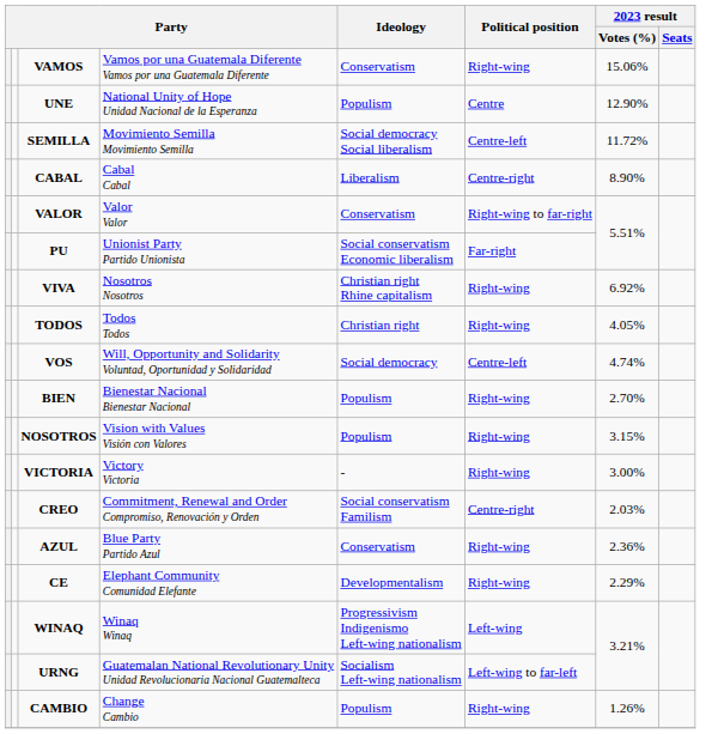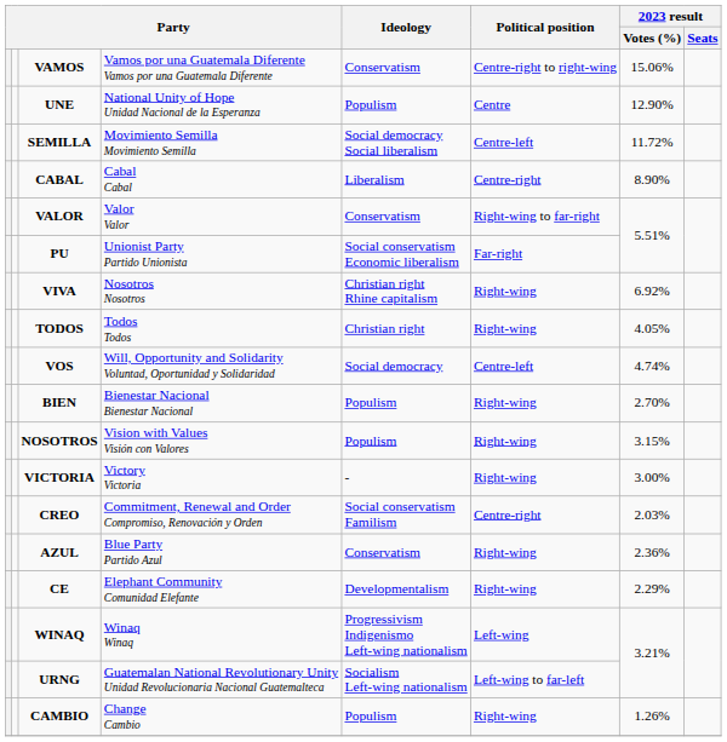 <table class="wikitable">
 <tr>
 <th rowspan=2 colspan=4>Party</th>
 <th rowspan=2>Ideology</th>
 <th rowspan=2>Political position</th>
 <th colspan=2><a href='#'>2023</a> result</th>
 </tr>
 <tr>
 <th>Votes (%)</th>
 <th><a href='#'>Seats</a></th>
 </tr>
 <tr>
 <th style="background:"></th>
 <td align=center></td>
 <td align=center><strong>VAMOS</strong></td>
 <td><a href='#'>Vamos por una Guatemala Diferente</a><br><small><em>Vamos por una Guatemala Diferente</em></small></td>
 <td><a href='#'>Conservatism</a></td>
-<td><a href='#'>Right-wing</a></td>
+<td><a href='#'>Centre-right</a> to <a href='#'>right-wing</a></td>
 <td align=center>15.06%</td>
 <td></td>
 </tr>
 <tr>
 <th style="background:"></th>
 <td align=center></td>
 <td align=center><strong>UNE</strong></td>
 <td><a href='#'>National Unity of Hope</a><br><small><em>Unidad Nacional de la Esperanza</em></small></td>
 <td><a href='#'>Populism</a></td>
 <td><a href='#'>Centre</a></td>
 <td align=center>12.90%</td>
 <td></td>
 </tr>
 <tr>
 <th style="background:"></th>
 <td align=center></td>
 <td align=center><strong>SEMILLA</strong></td>
 <td><a href='#'>Movimiento Semilla</a><br><small><em>Movimiento Semilla</em></small></td>
 <td><a href='#'>Social democracy</a><br><a href='#'>Social liberalism</a></td>
 <td><a href='#'>Centre-left</a></td>
 <td align=center>11.72%</td>
 <td></td>
 </tr>
 <tr>
 <th style="background:"></th>
 <td align=center></td>
 <td align=center><strong>CABAL</strong></td>
 <td><a href='#'>Cabal</a><br><small><em>Cabal</em></small></td>
 <td><a href='#'>Liberalism</a></td>
 <td><a href='#'>Centre-right</a></td>
 <td align=center>8.90%</td>
 <td></td>
 </tr>
 <tr>
 <th style="background:"></th>
 <td align=center></td>
 <td align=center><strong>VALOR</strong></td>
 <td><a href='#'>Valor</a><br><small><em>Valor</em></small></td>
 <td><a href='#'>Conservatism</a></td>
 <td><a href='#'>Right-wing</a> to <a href='#'>far-right</a></td>
 <td rowspan=2 align=center>5.51%</td>
 <td rowspan=2></td>
 </tr>
 <tr>
 <th style="background:"></th>
 <td></td>
 <td align=center><strong>PU</strong></td>
 <td><a href='#'>Unionist Party</a><br><small><em>Partido Unionista</em></small></td>
 <td><a href='#'>Social conservatism</a><br><a href='#'>Economic liberalism</a></td>
 <td><a href='#'>Far-right</a></td>
 </tr>
 <tr>
 <th style="background:"></th>
 <td align=center></td>
 <td align=center><strong>VIVA</strong></td>
 <td><a href='#'>Nosotros</a><br><small><em>Nosotros</em></small></td>
 <td><a href='#'>Christian right</a><br><a href='#'>Rhine capitalism</a></td>
 <td><a href='#'>Right-wing</a></td>
 <td align=center>6.92%</td>
 <td></td>
 </tr>
 <tr>
 <th style="background:"></th>
 <td align=center></td>
 <td align=center><strong>TODOS</strong></td>
 <td><a href='#'>Todos</a><br><small><em>Todos</em></small></td>
 <td><a href='#'>Christian right</a></td>
 <td><a href='#'>Right-wing</a></td>
 <td align=center>4.05%</td>
 <td></td>
 </tr>
 <tr>
 <th style="background:"></th>
 <td align=center></td>
 <td align=center><strong>VOS</strong></td>
 <td><a href='#'>Will, Opportunity and Solidarity</a><br><small><em>Voluntad, Oportunidad y Solidaridad</em></small></td>
 <td><a href='#'>Social democracy</a></td>
 <td><a href='#'>Centre-left</a></td>
 <td align=center>4.74%</td>
 <td></td>
 </tr>
 <tr>
 <th style="background:"></th>
 <td align=center></td>
 <td align=center><strong>BIEN</strong></td>
 <td><a href='#'>Bienestar Nacional</a><br><small><em>Bienestar Nacional</em></small></td>
 <td><a href='#'>Populism</a></td>
 <td><a href='#'>Right-wing</a></td>
 <td align=center>2.70%</td>
 <td></td>
 </tr>
 <tr>
 <th style="background:"></th>
 <td align=center></td>
 <td align=center><strong>NOSOTROS</strong></td>
 <td><a href='#'>Vision with Values</a><br><small><em>Visión con Valores</em></small></td>
 <td><a href='#'>Populism</a></td>
 <td><a href='#'>Right-wing</a></td>
 <td align=center>3.15%</td>
 <td></td>
 </tr>
 <tr>
 <th style="background:"></th>
 <td align=center></td>
 <td align=center><strong>VICTORIA</strong></td>
 <td><a href='#'>Victory</a><br><small><em>Victoria</em></small></td>
 <td>-</td>
 <td><a href='#'>Right-wing</a></td>
 <td align=center>3.00%</td>
 <td></td>
 </tr>
 <tr>
 <th style="background:"></th>
 <td align=center></td>
 <td align=center><strong>CREO</strong></td>
 <td><a href='#'>Commitment, Renewal and Order</a><br><small><em>Compromiso, Renovación y Orden</em></small></td>
 <td><a href='#'>Social conservatism</a><br><a href='#'>Familism</a></td>
 <td><a href='#'>Centre-right</a></td>
 <td align=center>2.03%</td>
 <td></td>
 </tr>
 <tr>
 <th style="background:"></th>
 <td align=center></td>
 <td align=center><strong>AZUL</strong></td>
 <td><a href='#'>Blue Party</a><br><small><em>Partido Azul</em></small></td>
 <td><a href='#'>Conservatism</a></td>
 <td><a href='#'>Right-wing</a></td>
 <td align=center>2.36%</td>
 <td></td>
 </tr>
 <tr>
 <th style="background:"></th>
 <td align=center></td>
 <td align=center><strong>CE</strong></td>
 <td><a href='#'>Elephant Community</a><br><small><em>Comunidad Elefante</em></small></td>
 <td><a href='#'>Developmentalism</a></td>
 <td><a href='#'>Right-wing</a></td>
 <td align=center>2.29%</td>
 <td></td>
 </tr>
 <tr>
 <th style="background:"></th>
 <td align=center></td>
 <td align=center><strong>WINAQ</strong></td>
 <td><a href='#'>Winaq</a><br><small><em>Winaq</em></small></td>
 <td><a href='#'>Progressivism</a><br><a href='#'>Indigenismo</a><br><a href='#'>Left-wing nationalism</a></td>
 <td><a href='#'>Left-wing</a></td>
 <td rowspan=2 align=center>3.21%</td>
 <td rowspan=2></td>
 </tr>
 <tr>
 <th style="background:"></th>
 <td></td>
 <td align=center><strong>URNG</strong></td>
 <td><a href='#'>Guatemalan National Revolutionary Unity</a><br><small><em>Unidad Revolucionaria Nacional Guatemalteca</em></small></td>
 <td><a href='#'>Socialism</a><br><a href='#'>Left-wing nationalism</a></td>
 <td><a href='#'>Left-wing</a> to <a href='#'>far-left</a></td>
 </tr>
 <tr>
 <th style="background:"></th>
 <td align=center></td>
 <td align=center><strong>CAMBIO</strong></td>
 <td><a href='#'>Change</a><br><small><em>Cambio</em></small></td>
 <td><a href='#'>Populism</a></td>
 <td><a href='#'>Right-wing</a></td>
 <td align=center>1.26%</td>
 <td></td>
 </tr>
 <tr>
 </tr>
 </table>
